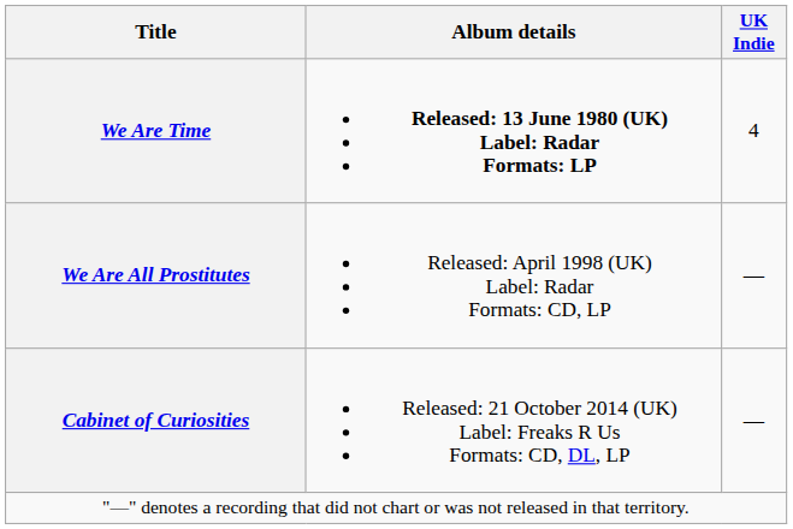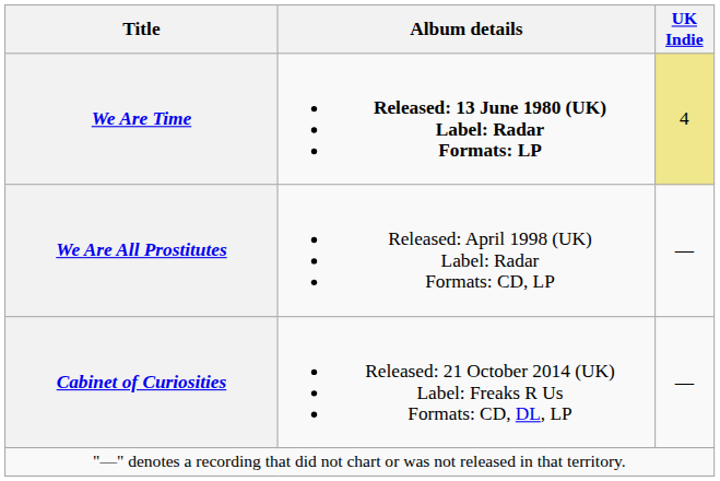 <table class="wikitable plainrowheaders" style="text-align:center;">
 <tr>
 <th scope="col" rowspan="1" style="width:14em;">Title</th>
 <th scope="col" rowspan="1" style="width:19.5em;">Album details</th>
 <th scope="col" rowspan="1" style="width:3em;font-size:90%;"><a href='#'>UK Indie</a><br></th>
 </tr>
 <tr>
 <th scope="row"><em><a href='#'>We Are Time</a></em></th>
 <td><strong><br><ul><li>Released: 13 June 1980 <span>(UK)</span></li><li>Label: Radar</li><li>Formats: LP</li></ul></strong></td>
-<td>4</td>
+<td style="background: khaki;">4</td>
 </tr>
 <tr>
 <th scope="row"><em><a href='#'>We Are All Prostitutes</a></em></th>
 <td><br><ul><li>Released: April 1998 <span>(UK)</span></li><li>Label: Radar</li><li>Formats: CD, LP</li></ul></td>
 <td>—</td>
 </tr>
 <tr>
 <th scope="row"><em><a href='#'>Cabinet of Curiosities</a></em></th>
 <td><br><ul><li>Released: 21 October 2014 <span>(UK)</span></li><li>Label: Freaks R Us</li><li>Formats: CD, <a href='#'>DL</a>, LP</li></ul></td>
 <td>—</td>
 </tr>
 <tr>
 <td colspan="6" style="font-size:90%">"—" denotes a recording that did not chart or was not released in that territory.</td>
 </tr>
 </table>
